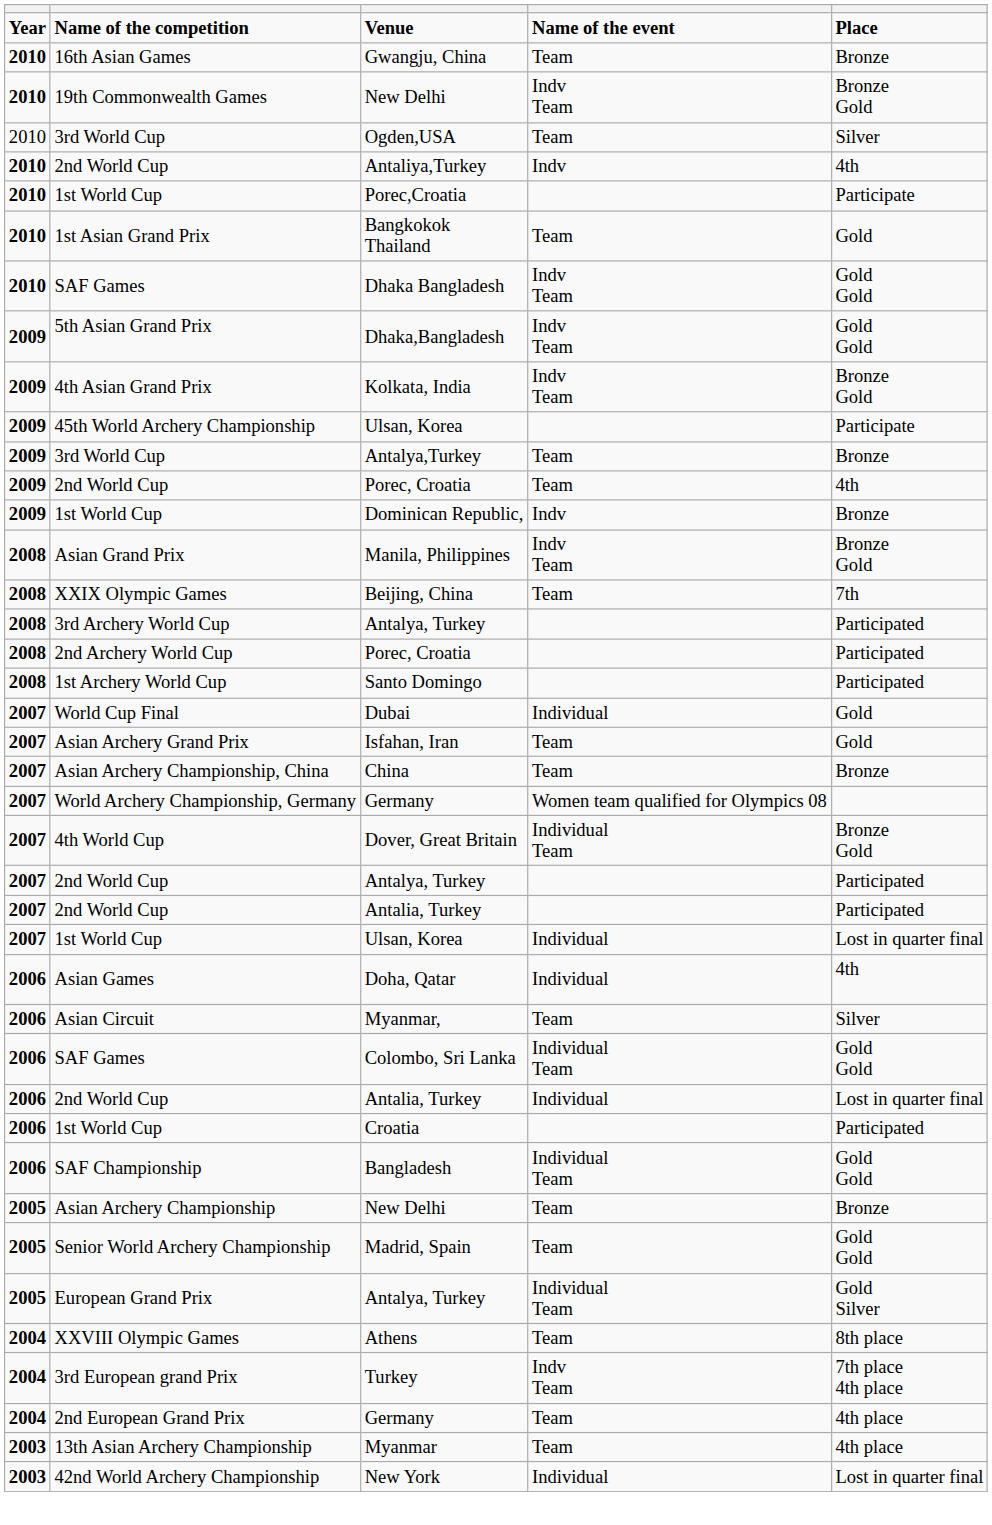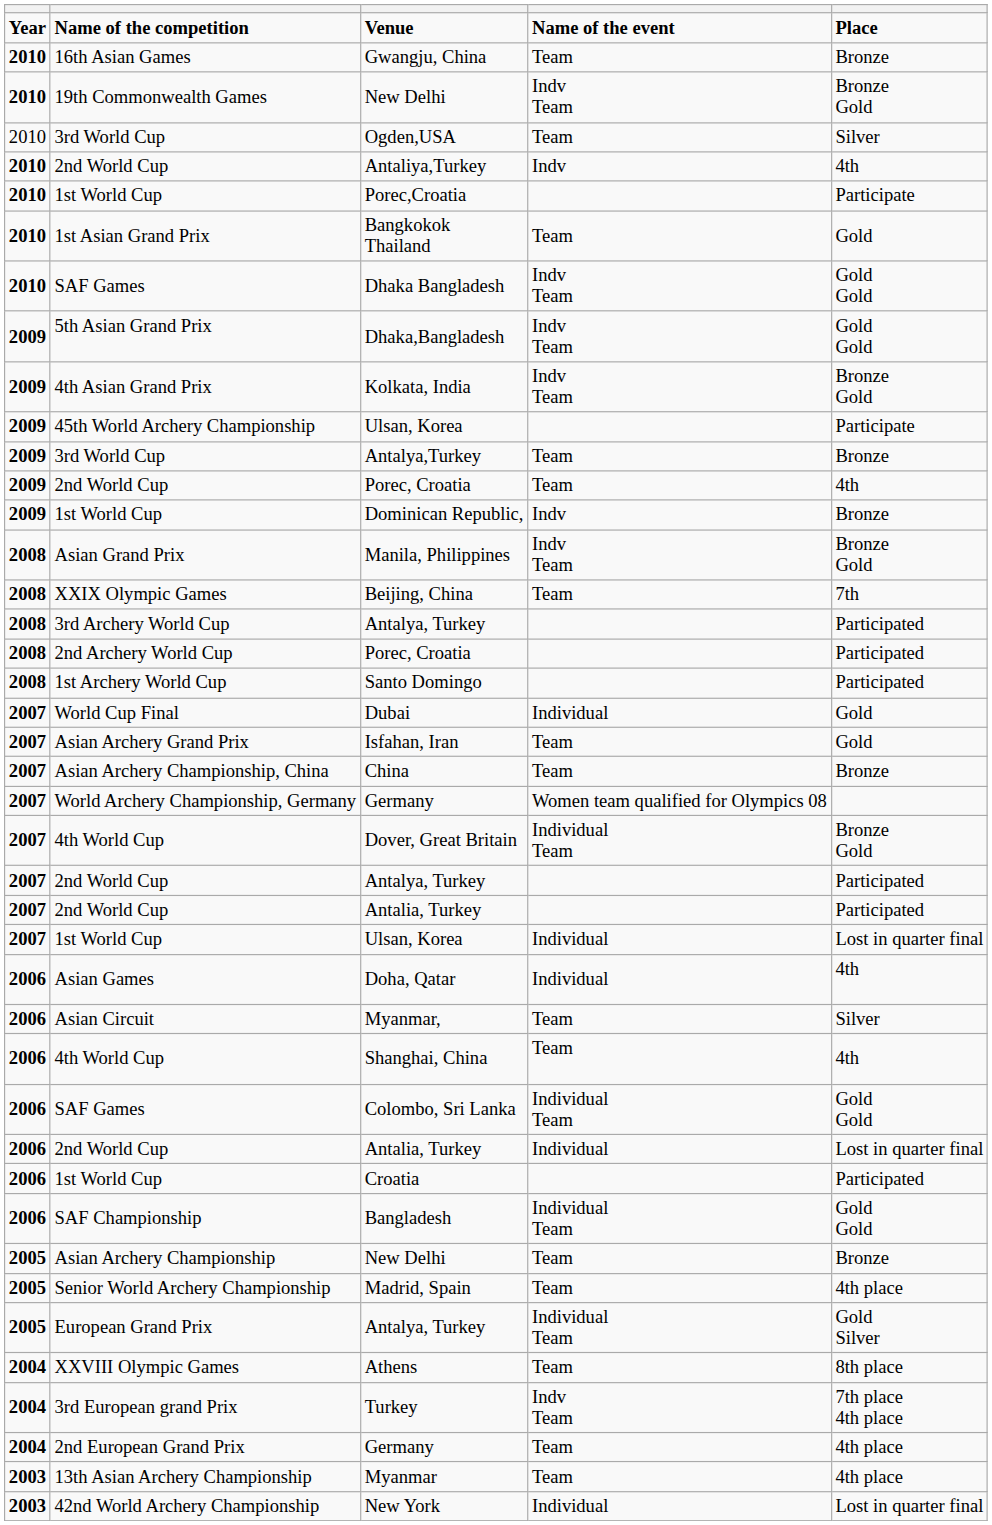 <table class="wikitable sortable">
 <tr>
 <th></th>
 <th></th>
 <th></th>
 <th></th>
 <th></th>
 </tr>
 <tr>
 <td><strong>Year</strong></td>
 <td><strong>Name of the competition</strong></td>
 <td><strong>Venue</strong></td>
 <td><strong>Name of the event</strong></td>
 <td><strong>Place</strong></td>
 </tr>
 <tr>
 <td><strong>2010</strong></td>
 <td>16th  Asian Games</td>
 <td>Gwangju,  China</td>
 <td>Team</td>
 <td>Bronze</td>
 </tr>
 <tr>
 <td><strong>2010</strong></td>
 <td>19th  Commonwealth Games</td>
 <td>New  Delhi</td>
 <td>Indv<br>Team</td>
 <td>Bronze<br>Gold</td>
 </tr>
 <tr>
 <td>2010</td>
 <td>3rd  World Cup</td>
 <td>Ogden,USA</td>
 <td>Team</td>
 <td>Silver</td>
 </tr>
 <tr>
 <td><strong>2010</strong></td>
 <td>2nd  World Cup</td>
 <td>Antaliya,Turkey</td>
 <td>Indv</td>
 <td>4th</td>
 </tr>
 <tr>
 <td><strong>2010</strong></td>
 <td>1st  World Cup</td>
 <td>Porec,Croatia</td>
 <td></td>
 <td>Participate</td>
 </tr>
 <tr>
 <td><strong>2010</strong></td>
 <td>1st  Asian Grand Prix</td>
 <td>Bangkokok<br>Thailand</td>
 <td>Team</td>
 <td>Gold</td>
 </tr>
 <tr>
 <td><strong>2010</strong></td>
 <td>SAF  Games</td>
 <td>Dhaka  Bangladesh</td>
 <td>Indv<br>Team</td>
 <td>Gold<br>Gold</td>
 </tr>
 <tr>
 <td><strong>2009</strong></td>
 <td>5th  Asian Grand Prix<br><br></td>
 <td>Dhaka,Bangladesh</td>
 <td>Indv<br>Team</td>
 <td>Gold<br>Gold</td>
 </tr>
 <tr>
 <td><strong>2009</strong></td>
 <td>4th  Asian Grand Prix</td>
 <td>Kolkata,  India</td>
 <td>Indv<br>Team</td>
 <td>Bronze<br>Gold</td>
 </tr>
 <tr>
 <td><strong>2009</strong></td>
 <td>45th  World Archery Championship</td>
 <td>Ulsan,  Korea</td>
 <td></td>
 <td>Participate</td>
 </tr>
 <tr>
 <td><strong>2009</strong></td>
 <td>3rd  World   Cup</td>
 <td>Antalya,Turkey</td>
 <td>Team</td>
 <td>Bronze</td>
 </tr>
 <tr>
 <td><strong>2009</strong></td>
 <td>2nd  World Cup</td>
 <td>Porec,  Croatia</td>
 <td>Team</td>
 <td>4th</td>
 </tr>
 <tr>
 <td><strong>2009</strong></td>
 <td>1st  World Cup</td>
 <td>Dominican  Republic,</td>
 <td>Indv</td>
 <td>Bronze</td>
 </tr>
 <tr>
 <td><strong>2008</strong></td>
 <td>Asian  Grand Prix</td>
 <td>Manila,  Philippines</td>
 <td>Indv<br>Team</td>
 <td>Bronze<br>Gold</td>
 </tr>
 <tr>
 <td><strong>2008</strong></td>
 <td>XXIX  Olympic Games</td>
 <td>Beijing,  China</td>
 <td>Team</td>
 <td>7th</td>
 </tr>
 <tr>
 <td><strong>2008</strong></td>
 <td>3rd  Archery World Cup</td>
 <td>Antalya, Turkey</td>
 <td></td>
 <td>Participated</td>
 </tr>
 <tr>
 <td><strong>2008</strong></td>
 <td>2nd Archery World Cup</td>
 <td>Porec,  Croatia</td>
 <td></td>
 <td>Participated</td>
 </tr>
 <tr>
 <td><strong>2008</strong></td>
 <td>1st  Archery World Cup</td>
 <td>Santo  Domingo</td>
 <td></td>
 <td>Participated</td>
 </tr>
 <tr>
 <td><strong>2007</strong></td>
 <td>World Cup   Final</td>
 <td>Dubai</td>
 <td>Individual</td>
 <td>Gold</td>
 </tr>
 <tr>
 <td><strong>2007</strong></td>
 <td>Asian Archery Grand Prix</td>
 <td>Isfahan, Iran</td>
 <td>Team</td>
 <td>Gold</td>
 </tr>
 <tr>
 <td><strong>2007</strong></td>
 <td>Asian Archery Championship, China</td>
 <td>China</td>
 <td>Team</td>
 <td>Bronze</td>
 </tr>
 <tr>
 <td><strong>2007</strong></td>
 <td>World Archery Championship, Germany</td>
 <td>Germany</td>
 <td>Women team qualified for Olympics 08</td>
 <td></td>
 </tr>
 <tr>
 <td><strong>2007</strong></td>
 <td>4th World Cup</td>
 <td>Dover, Great Britain</td>
 <td>Individual<br>Team</td>
 <td>Bronze<br>Gold</td>
 </tr>
 <tr>
 <td><strong>2007</strong></td>
 <td>2nd World Cup</td>
 <td>Antalya, Turkey</td>
 <td></td>
 <td>Participated</td>
 </tr>
 <tr>
 <td><strong>2007</strong></td>
 <td>2nd World Cup</td>
 <td>Antalia, Turkey</td>
 <td></td>
 <td>Participated</td>
 </tr>
 <tr>
 <td><strong>2007</strong></td>
 <td>1st World Cup</td>
 <td>Ulsan, Korea</td>
 <td>Individual</td>
 <td>Lost in quarter final</td>
 </tr>
 <tr>
 <td><strong>2006</strong></td>
 <td>Asian Games</td>
 <td>Doha, Qatar</td>
 <td>Individual</td>
 <td>4th<br><br></td>
 </tr>
 <tr>
 <td><strong>2006</strong></td>
 <td>Asian Circuit</td>
 <td>Myanmar,</td>
 <td>Team</td>
 <td>Silver</td>
 </tr>
 <tr>
 <td><strong>2006</strong></td>
+<td>4th World Cup</td>
+<td>Shanghai, China</td>
+<td>Team<br><br></td>
+<td>4th</td>
+</tr>
+<tr>
+<td><strong>2006</strong></td>
 <td>SAF Games</td>
 <td>Colombo, Sri Lanka</td>
 <td>Individual<br>Team</td>
 <td>Gold<br>Gold</td>
 </tr>
 <tr>
 <td><strong>2006</strong></td>
 <td>2nd World Cup</td>
 <td>Antalia, Turkey</td>
 <td>Individual</td>
 <td>Lost in quarter final</td>
 </tr>
 <tr>
 <td><strong>2006</strong></td>
 <td>1st World Cup</td>
 <td>Croatia</td>
 <td></td>
 <td>Participated</td>
 </tr>
 <tr>
 <td><strong>2006</strong></td>
 <td>SAF Championship</td>
 <td>Bangladesh</td>
 <td>Individual<br>Team</td>
 <td>Gold<br>Gold <br></td>
 </tr>
 <tr>
 <td><strong>2005</strong></td>
 <td>Asian Archery Championship</td>
 <td>New Delhi</td>
 <td>Team</td>
 <td>Bronze</td>
 </tr>
 <tr>
 <td><strong>2005</strong></td>
 <td>Senior World Archery Championship</td>
 <td>Madrid, Spain</td>
 <td>Team</td>
-<td>Gold<br>Gold</td>
+<td>4th place</td>
 </tr>
 <tr>
 <td><strong>2005</strong></td>
 <td>European Grand Prix</td>
 <td>Antalya, Turkey</td>
 <td>Individual<br>Team</td>
 <td>Gold<br>Silver</td>
 </tr>
 <tr>
 <td><strong>2004</strong></td>
 <td>XXVIII Olympic Games</td>
 <td>Athens</td>
 <td>Team</td>
 <td>8th place</td>
 </tr>
 <tr>
 <td><strong>2004</strong></td>
 <td>3rd European grand Prix</td>
 <td>Turkey</td>
 <td>Indv<br>Team</td>
 <td>7th place<br>4th place</td>
 </tr>
 <tr>
 <td><strong>2004</strong></td>
 <td>2nd European Grand Prix</td>
 <td>Germany</td>
 <td>Team</td>
 <td>4th place</td>
 </tr>
 <tr>
 <td><strong>2003</strong></td>
 <td>13th Asian Archery  Championship</td>
 <td>Myanmar</td>
 <td>Team</td>
 <td>4th place</td>
 </tr>
 <tr>
 <td><strong>2003</strong></td>
 <td>42nd World Archery Championship</td>
 <td>New York</td>
 <td>Individual</td>
 <td>Lost in quarter final</td>
 </tr>
 </table>
